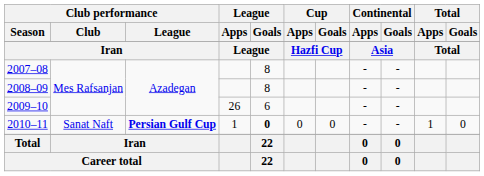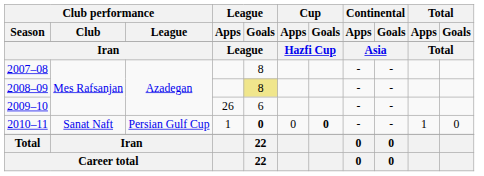 <table class="wikitable" style="text-align:center">
 <tr>
 <th colspan=3>Club performance</th>
 <th colspan=2>League</th>
 <th colspan=2>Cup</th>
 <th colspan=2>Continental</th>
 <th colspan=2>Total</th>
 </tr>
 <tr>
 <th>Season</th>
 <th>Club</th>
 <th>League</th>
 <th>Apps</th>
 <th>Goals</th>
 <th>Apps</th>
 <th>Goals</th>
 <th>Apps</th>
 <th>Goals</th>
 <th>Apps</th>
 <th>Goals</th>
 </tr>
 <tr>
 </tr>
 <tr>
 <th colspan=3>Iran</th>
 <th colspan=2>League</th>
 <th colspan=2><a href='#'>Hazfi Cup</a></th>
 <th colspan=2><a href='#'>Asia</a></th>
 <th colspan=2>Total</th>
 </tr>
 <tr>
 <td><a href='#'>2007–08</a></td>
 <td rowspan="3"><a href='#'>Mes Rafsanjan</a></td>
 <td rowspan="3"><a href='#'>Azadegan</a></td>
 <td></td>
 <td>8</td>
 <td></td>
 <td></td>
 <td>-</td>
 <td>-</td>
 <td></td>
 <td></td>
 </tr>
 <tr>
 <td><a href='#'>2008–09</a></td>
 <td></td>
-<td>8</td>
+<td style="background: khaki;">8</td>
 <td></td>
 <td></td>
 <td>-</td>
 <td>-</td>
 <td></td>
 <td></td>
 </tr>
 <tr>
 <td><a href='#'>2009–10</a></td>
 <td>26</td>
 <td>6</td>
 <td></td>
 <td></td>
 <td>-</td>
 <td>-</td>
 <td></td>
 <td></td>
 </tr>
 <tr>
 <td><a href='#'>2010–11</a></td>
 <td rowspan="1"><a href='#'>Sanat Naft</a></td>
-<td rowspan="1"><strong><a href='#'>Persian Gulf Cup</a></strong></td>
+<td rowspan="1"><a href='#'>Persian Gulf Cup</a></td>
 <td>1</td>
 <td><strong>0</strong></td>
 <td>0</td>
-<td>0</td>
+<td><strong>0</strong></td>
 <td>-</td>
 <td>-</td>
 <td>1</td>
 <td>0</td>
 </tr>
 <tr>
 </tr>
 <tr>
 <th rowspan=1>Total</th>
 <th colspan=2>Iran</th>
 <th></th>
 <th>22</th>
 <th></th>
 <th></th>
 <th>0</th>
 <th>0</th>
 <th></th>
 <th></th>
 </tr>
 <tr>
 <th colspan=3>Career total</th>
 <th></th>
 <th>22</th>
 <th></th>
 <th></th>
 <th>0</th>
 <th>0</th>
 <th></th>
 <th></th>
 </tr>
 </table>
